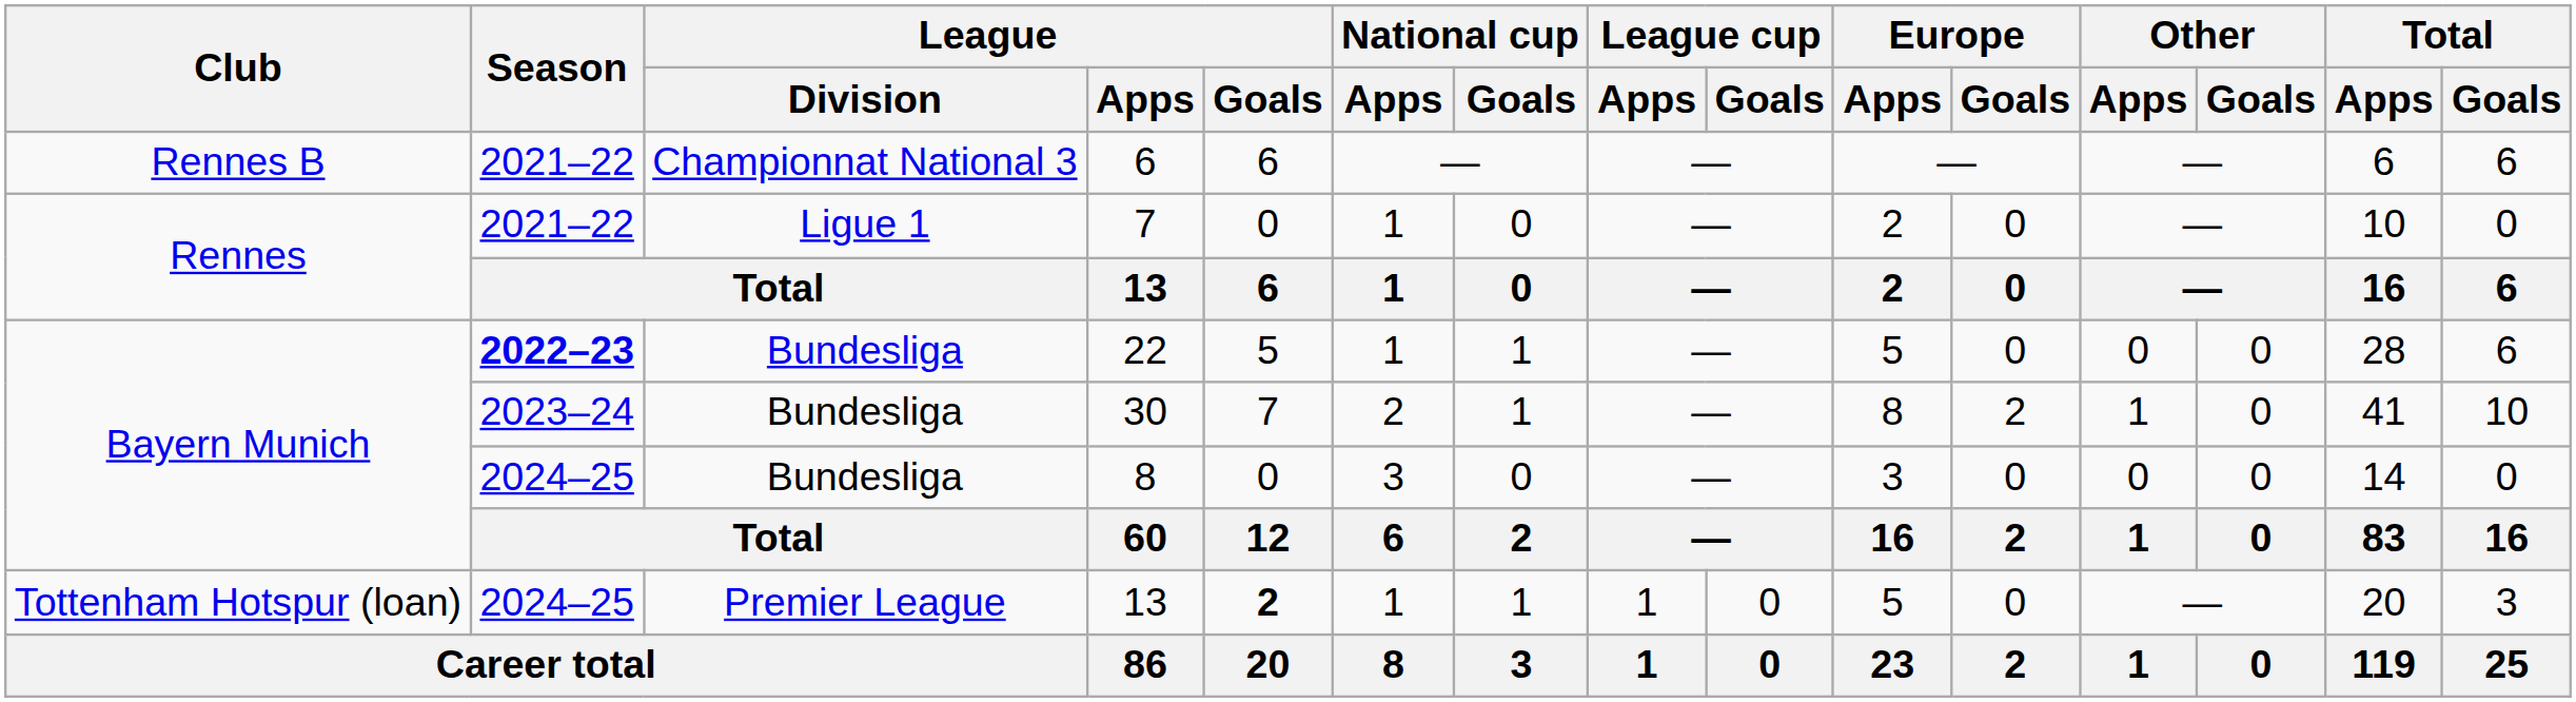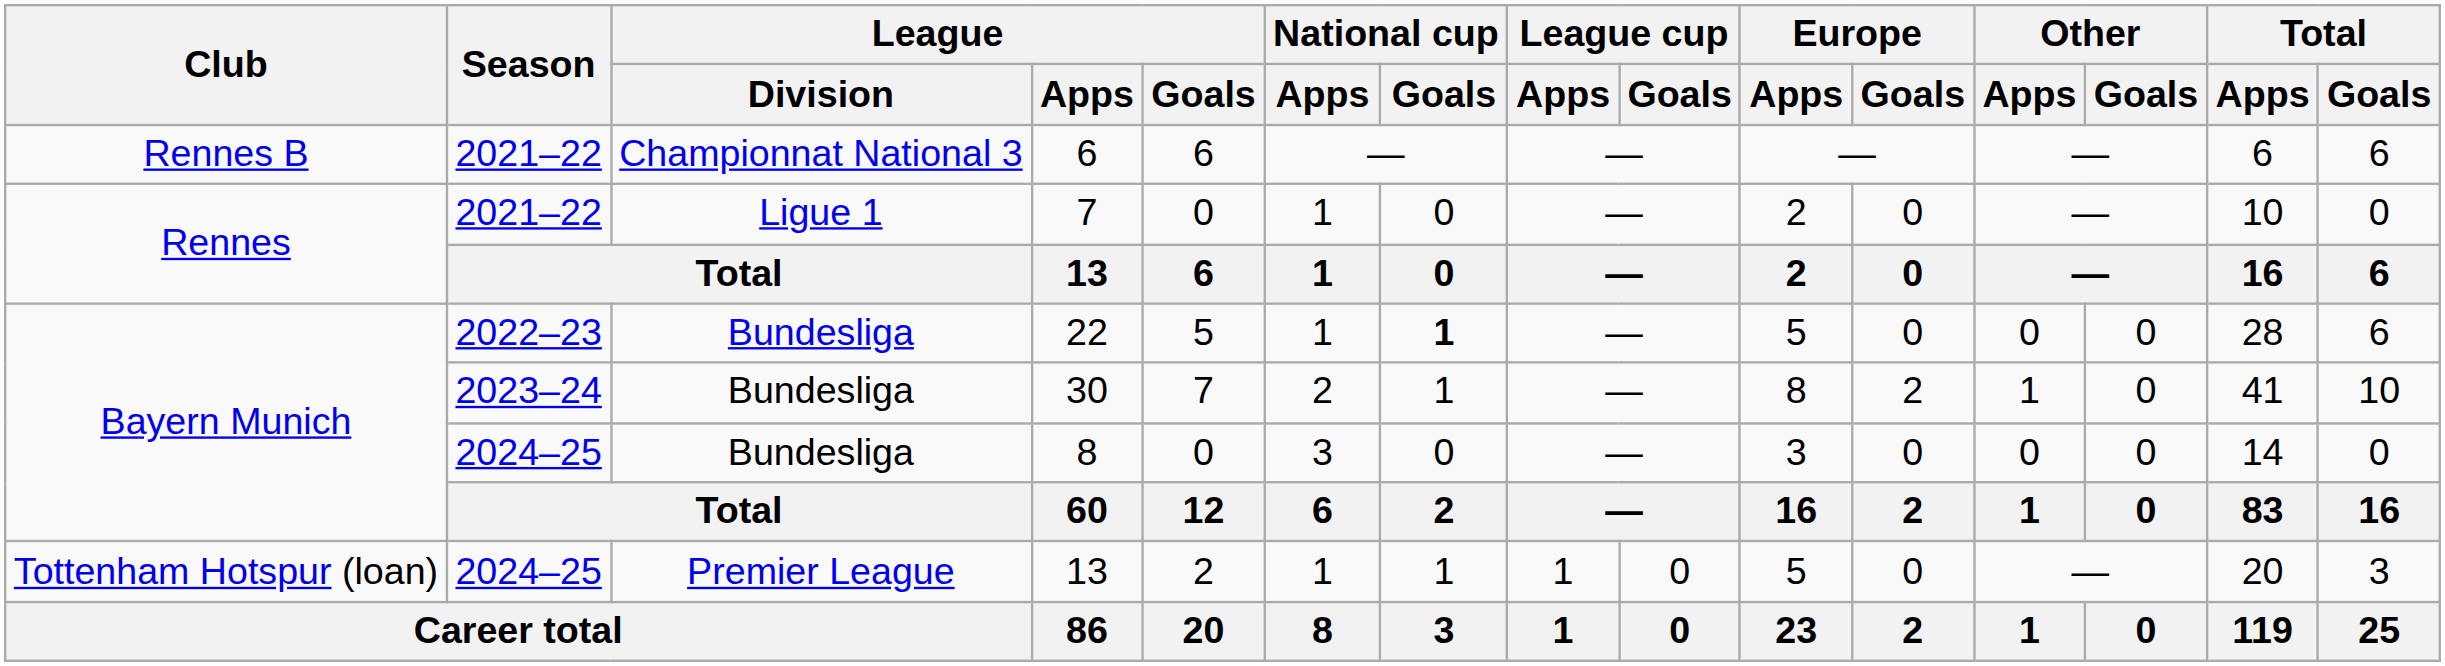 <table class="wikitable" Style="text-align: center;">
 <tr>
 <th rowspan="2">Club</th>
 <th rowspan="2">Season</th>
 <th colspan="3">League</th>
 <th colspan="2">National cup</th>
 <th colspan=2>League cup</th>
 <th colspan="2">Europe</th>
 <th colspan="2">Other</th>
 <th colspan="2">Total</th>
 </tr>
 <tr>
 <th>Division</th>
 <th>Apps</th>
 <th>Goals</th>
 <th>Apps</th>
 <th>Goals</th>
 <th>Apps</th>
 <th>Goals</th>
 <th>Apps</th>
 <th>Goals</th>
 <th>Apps</th>
 <th>Goals</th>
 <th>Apps</th>
 <th>Goals</th>
 </tr>
 <tr>
 <td><a href='#'>Rennes B</a></td>
 <td><a href='#'>2021–22</a></td>
 <td><a href='#'>Championnat National 3</a></td>
 <td>6</td>
 <td>6</td>
 <td colspan="2">—</td>
 <td colspan="2">—</td>
 <td colspan="2">—</td>
 <td colspan="2">—</td>
 <td>6</td>
 <td>6</td>
 </tr>
 <tr>
 <td rowspan="2"><a href='#'>Rennes</a></td>
 <td><a href='#'>2021–22</a></td>
 <td><a href='#'>Ligue 1</a></td>
 <td>7</td>
 <td>0</td>
 <td>1</td>
 <td>0</td>
 <td colspan="2">—</td>
 <td>2</td>
 <td>0</td>
 <td colspan="2">—</td>
 <td>10</td>
 <td>0</td>
 </tr>
 <tr>
 <th colspan="2">Total</th>
 <th>13</th>
 <th>6</th>
 <th>1</th>
 <th>0</th>
 <th colspan="2">—</th>
 <th>2</th>
 <th>0</th>
 <th colspan="2">—</th>
 <th>16</th>
 <th>6</th>
 </tr>
 <tr>
 <td rowspan="4"><a href='#'>Bayern Munich</a></td>
-<td><strong><a href='#'>2022–23</a></strong></td>
+<td><a href='#'>2022–23</a></td>
 <td><a href='#'>Bundesliga</a></td>
 <td>22</td>
 <td>5</td>
 <td>1</td>
-<td>1</td>
+<td><strong>1</strong></td>
 <td colspan="2">—</td>
 <td>5</td>
 <td>0</td>
 <td>0</td>
 <td>0</td>
 <td>28</td>
 <td>6</td>
 </tr>
 <tr>
 <td><a href='#'>2023–24</a></td>
 <td>Bundesliga</td>
 <td>30</td>
 <td>7</td>
 <td>2</td>
 <td>1</td>
 <td colspan="2">—</td>
 <td>8</td>
 <td>2</td>
 <td>1</td>
 <td>0</td>
 <td>41</td>
 <td>10</td>
 </tr>
 <tr>
 <td><a href='#'>2024–25</a></td>
 <td>Bundesliga</td>
 <td>8</td>
 <td>0</td>
 <td>3</td>
 <td>0</td>
 <td colspan="2">—</td>
 <td>3</td>
 <td>0</td>
 <td>0</td>
 <td>0</td>
 <td>14</td>
 <td>0</td>
 </tr>
 <tr>
 <th colspan="2">Total</th>
 <th>60</th>
 <th>12</th>
 <th>6</th>
 <th>2</th>
 <th colspan="2">—</th>
 <th>16</th>
 <th>2</th>
 <th>1</th>
 <th>0</th>
 <th>83</th>
 <th>16</th>
 </tr>
 <tr>
 <td><a href='#'>Tottenham Hotspur</a> (loan)</td>
 <td><a href='#'>2024–25</a></td>
 <td><a href='#'>Premier League</a></td>
 <td>13</td>
-<td><strong>2</strong></td>
+<td>2</td>
 <td>1</td>
 <td>1</td>
 <td>1</td>
 <td>0</td>
 <td>5</td>
 <td>0</td>
 <td colspan="2">—</td>
 <td>20</td>
 <td>3</td>
 </tr>
 <tr>
 <th colspan="3">Career total</th>
 <th>86</th>
 <th>20</th>
 <th>8</th>
 <th>3</th>
 <th>1</th>
 <th>0</th>
 <th>23</th>
 <th>2</th>
 <th>1</th>
 <th>0</th>
 <th>119</th>
 <th>25</th>
 </tr>
 </table>
